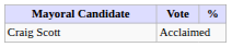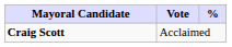 <table class="wikitable">
 <tr>
 <th style="background:#ddf; width:200px;">Mayoral Candidate</th>
 <th style="background:#ddf; width:50px;">Vote</th>
 <th style="background:#ddf; width:30px;">%</th>
 </tr>
 <tr>
-<td>Craig Scott</td>
+<td><strong>Craig Scott</strong></td>
 <td colspan="2">Acclaimed</td>
 </tr>
 </table>
